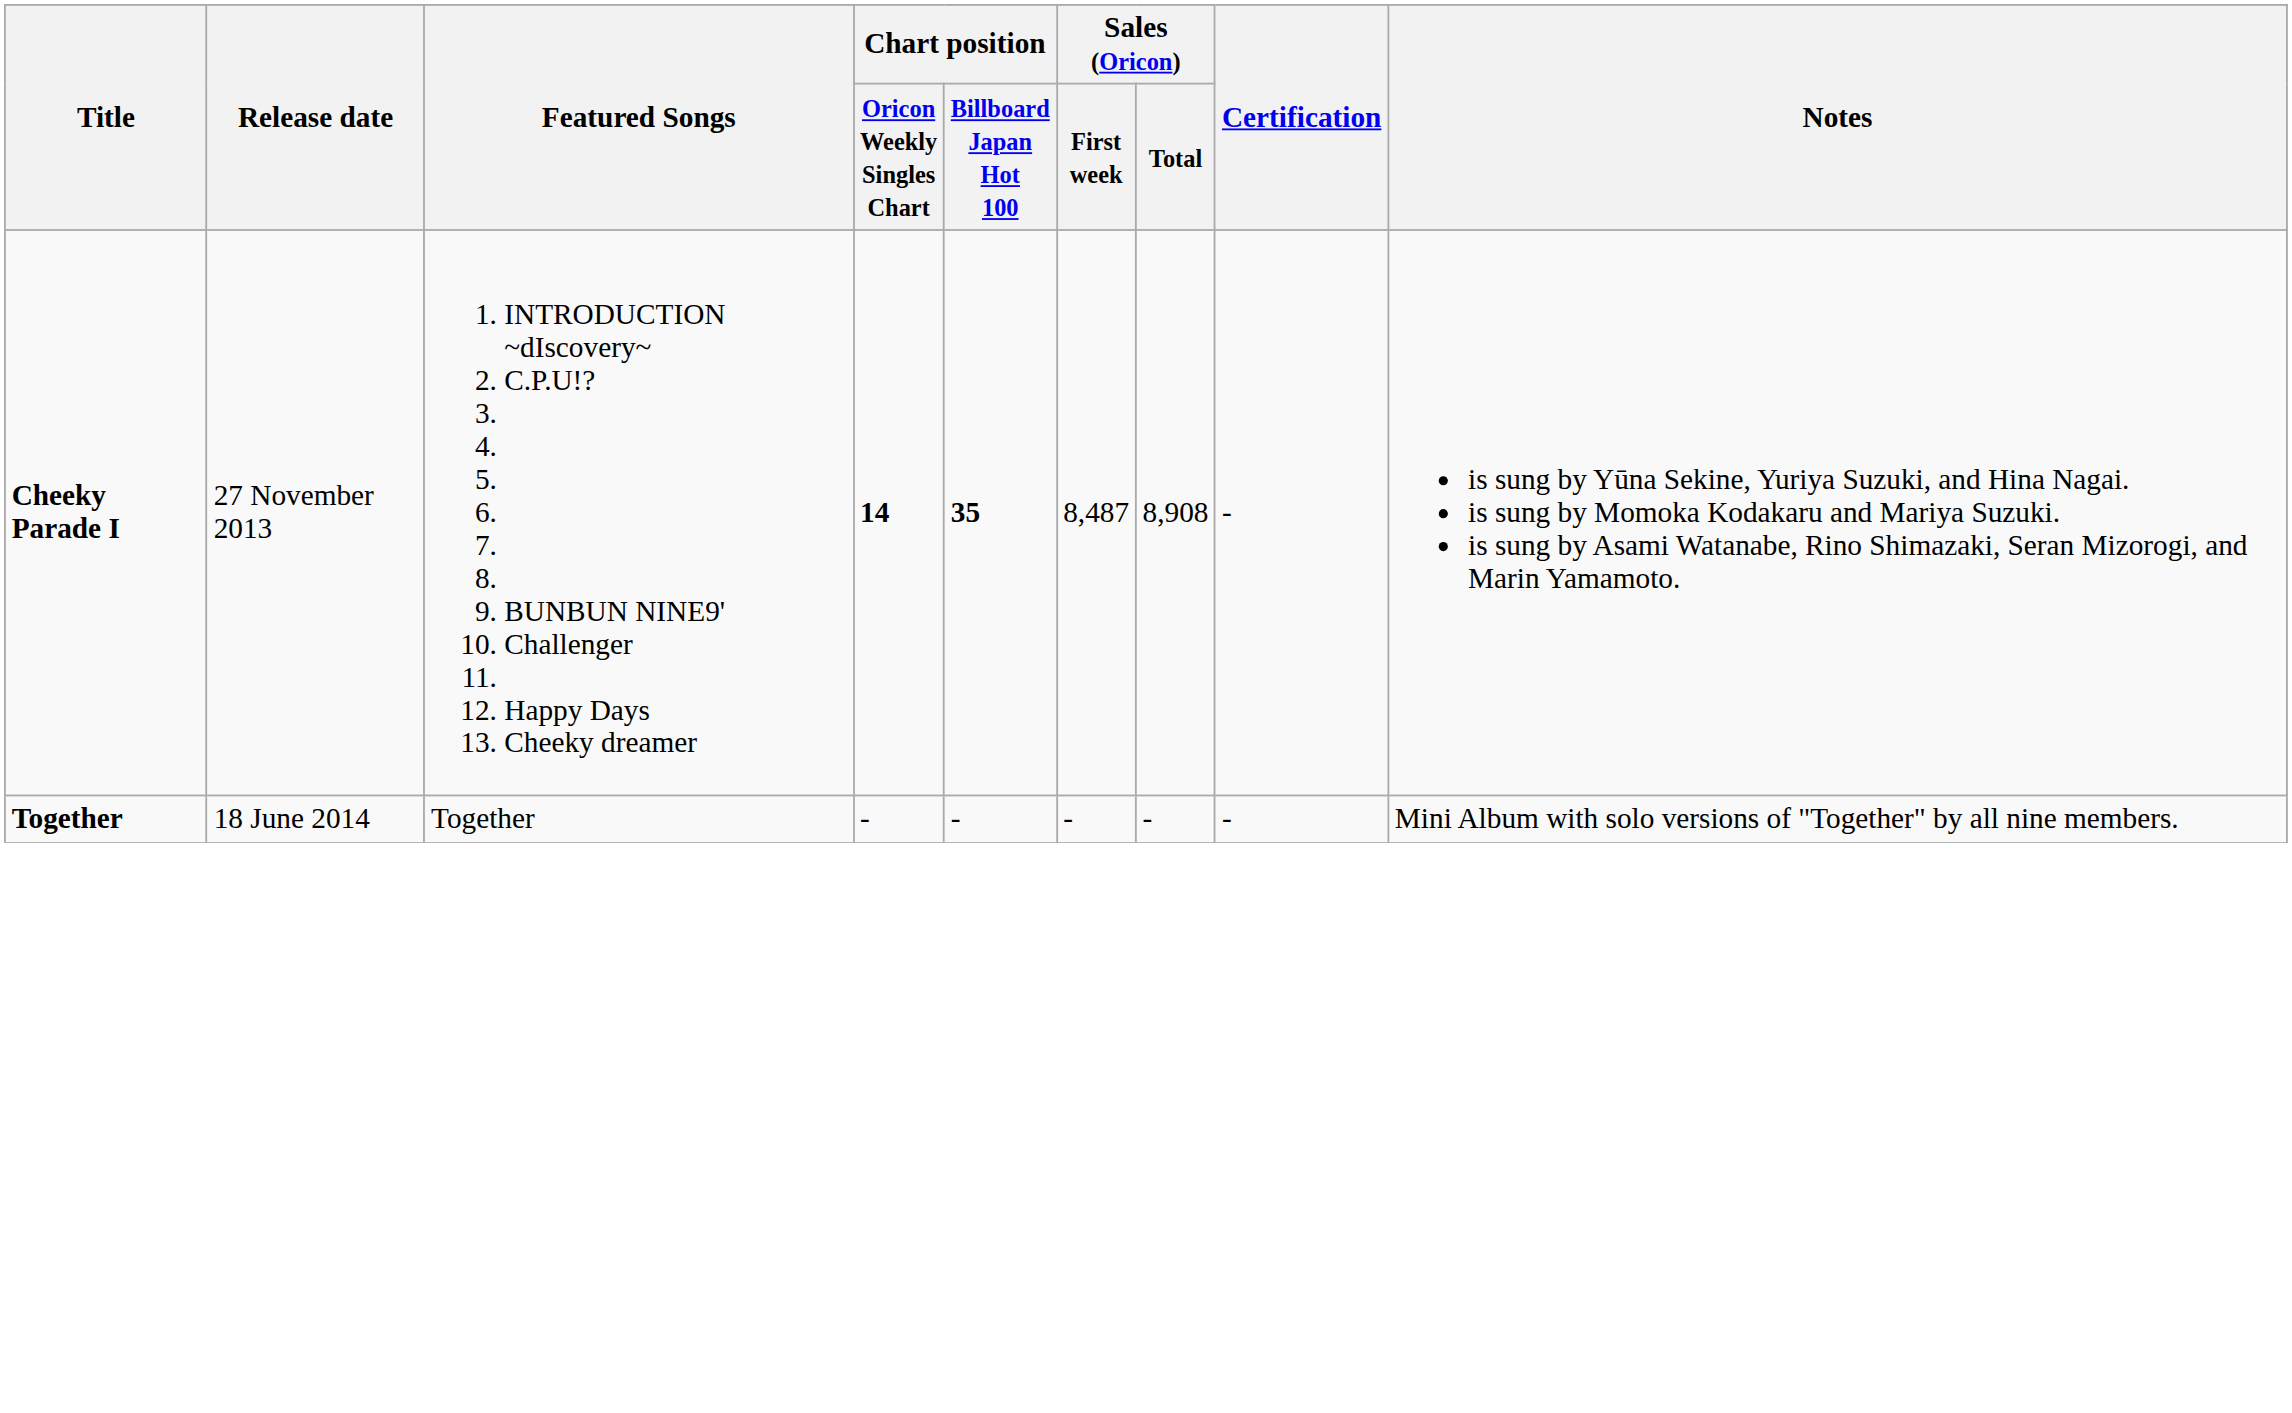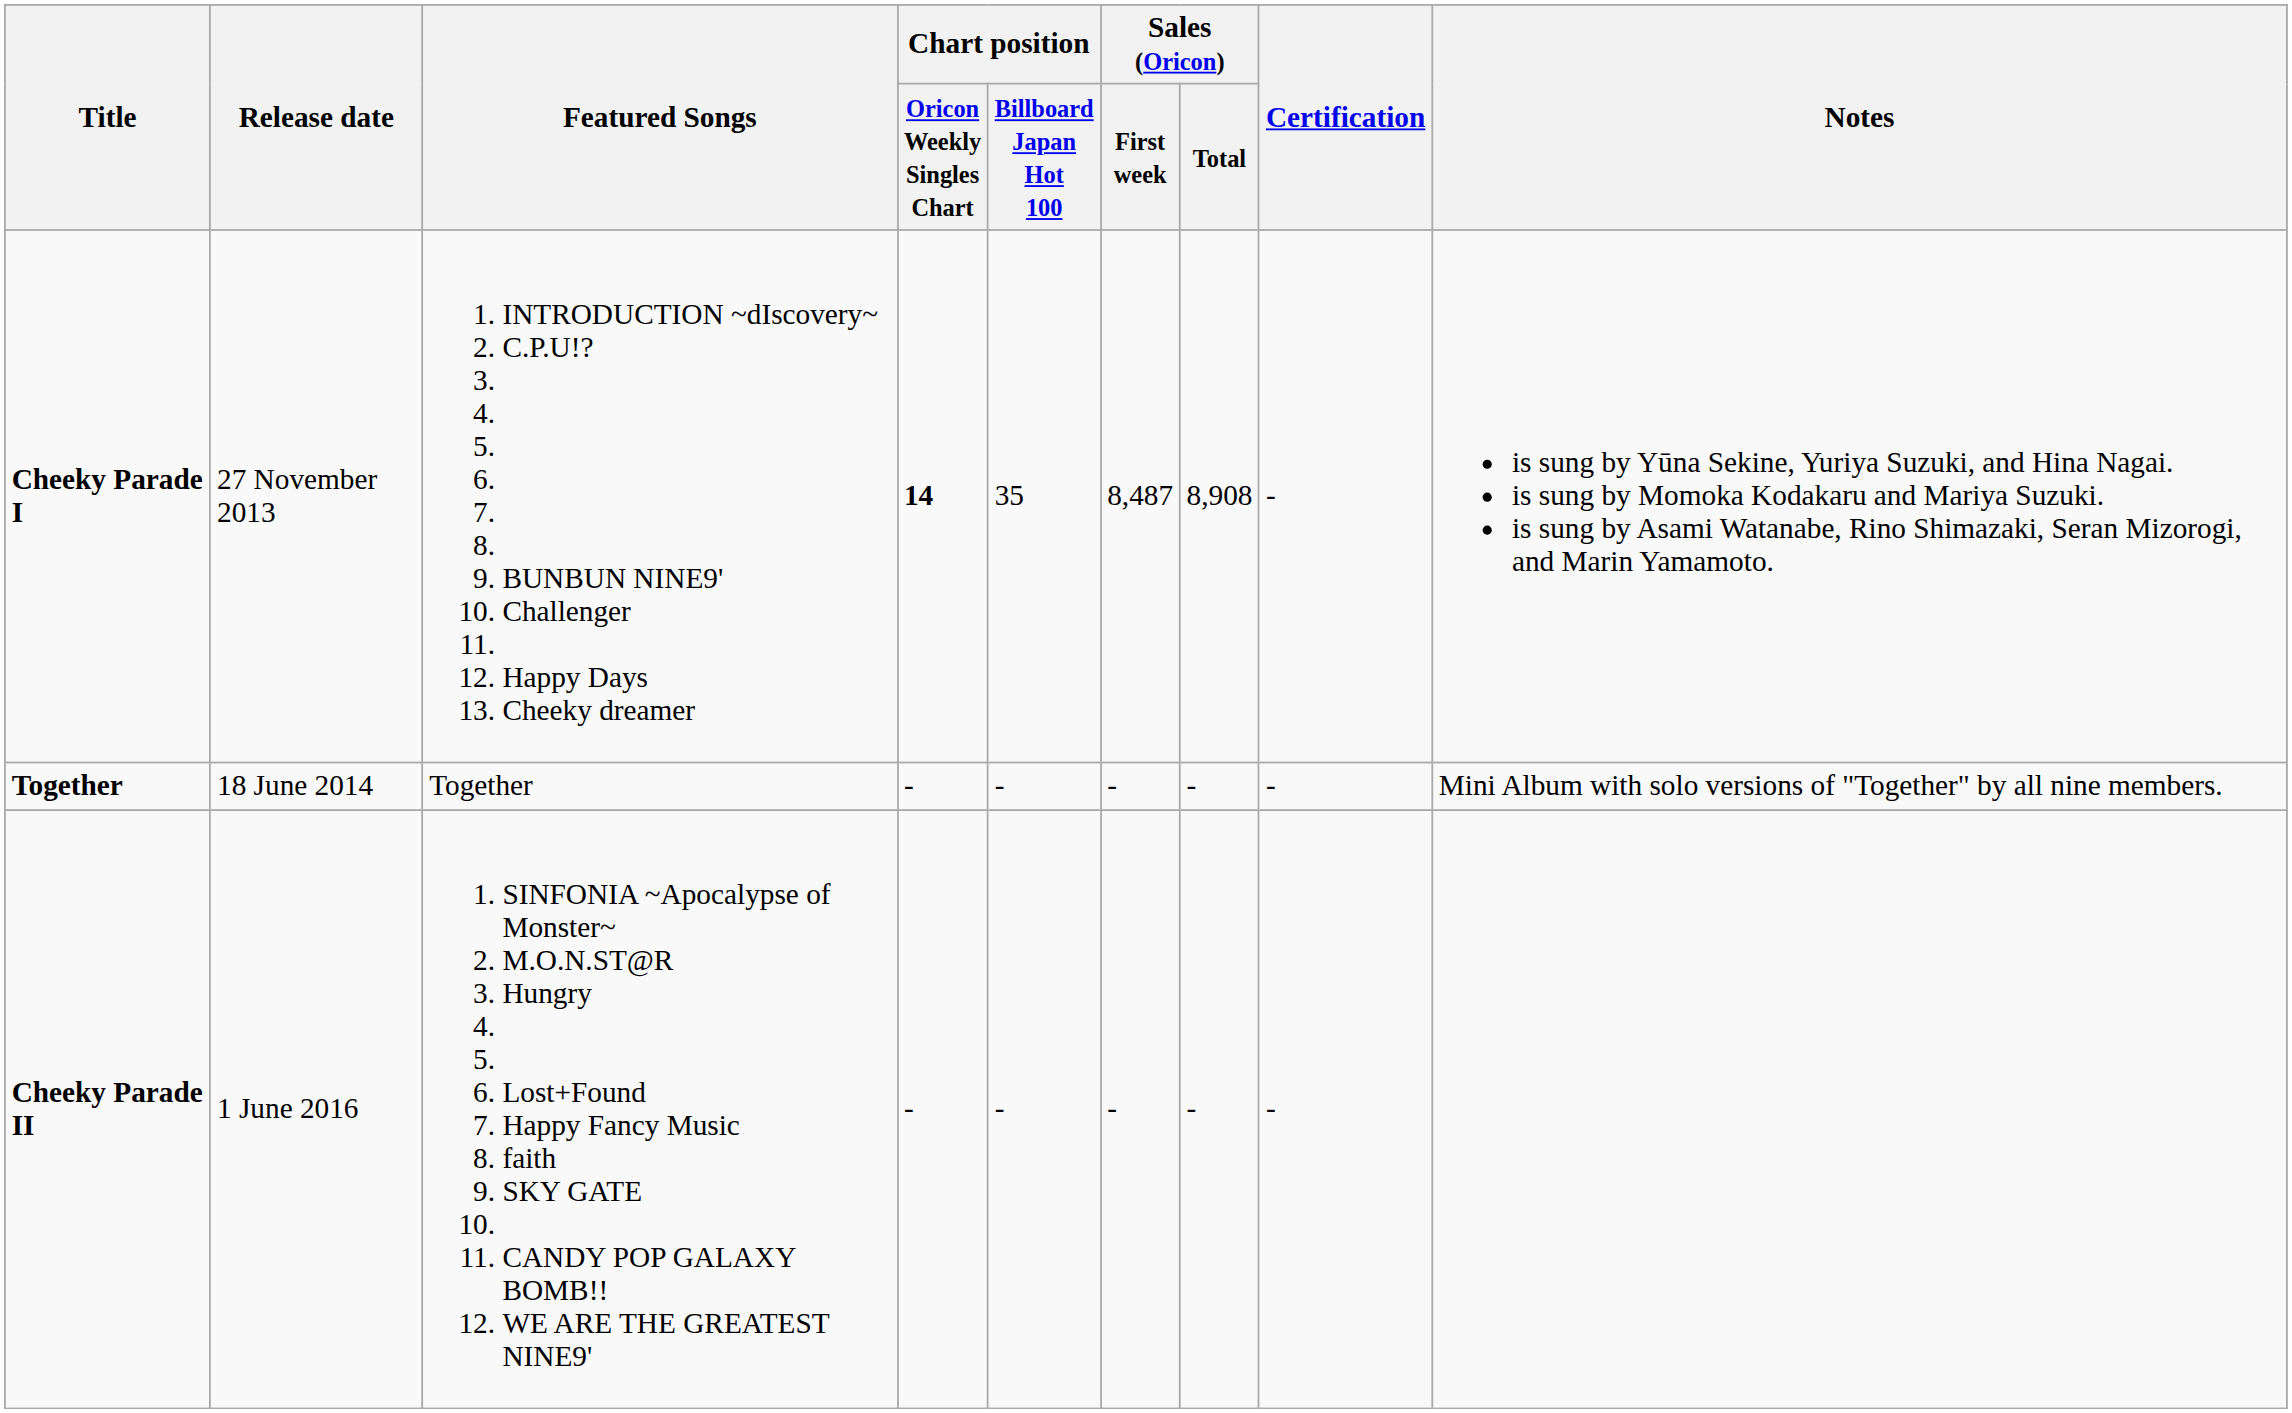 <table class="wikitable">
 <tr>
 <th rowspan="2">Title</th>
 <th rowspan="2">Release date</th>
 <th rowspan="2">Featured Songs</th>
 <th colspan="2">Chart position</th>
 <th colspan="2">Sales<br><small>(<a href='#'>Oricon</a>)</small></th>
 <th rowspan="2"><a href='#'>Certification</a></th>
 <th rowspan="2">Notes</th>
 </tr>
 <tr>
 <th><small><a href='#'>Oricon</a><br>Weekly<br>Singles<br>Chart</small></th>
 <th><small><a href='#'>Billboard<br>Japan</a><br><a href='#'>Hot<br>100</a></small></th>
 <th><small>First<br>week</small></th>
 <th><small>Total</small></th>
 </tr>
 <tr>
 <td><strong>Cheeky Parade I</strong></td>
 <td>27 November 2013</td>
 <td><br><ol><li>INTRODUCTION ~dIscovery~</li><li>C.P.U!?</li><li></li><li></li><li></li><li></li><li></li><li></li><li>BUNBUN NINE9'</li><li>Challenger</li><li></li><li>Happy Days</li><li>Cheeky dreamer</li></ol></td>
 <td><strong>14</strong></td>
-<td><strong>35</strong></td>
+<td>35</td>
 <td>8,487</td>
 <td>8,908</td>
 <td>-</td>
 <td><br><ul><li> is sung by Yūna Sekine, Yuriya Suzuki, and Hina Nagai.</li><li> is sung by Momoka Kodakaru and Mariya Suzuki.</li><li> is sung by Asami Watanabe, Rino Shimazaki, Seran Mizorogi, and Marin Yamamoto.</li></ul></td>
 </tr>
 <tr>
 <td><strong>Together</strong></td>
 <td>18 June 2014</td>
 <td>Together</td>
 <td>-</td>
 <td>-</td>
 <td>-</td>
 <td>-</td>
 <td>-</td>
 <td>Mini Album with solo versions of "Together" by all nine members.</td>
 </tr>
+<tr>
+<td><strong>Cheeky Parade II</strong></td>
+<td>1 June 2016</td>
+<td><br><ol><li>SINFONIA ~Apocalypse of Monster~</li><li>M.O.N.ST@R</li><li>Hungry</li><li></li><li></li><li>Lost+Found</li><li>Happy Fancy Music</li><li>faith</li><li>SKY GATE</li><li></li><li>CANDY POP GALAXY BOMB!!</li><li>WE ARE THE GREATEST NINE9'</li></ol></td>
+<td>-</td>
+<td>-</td>
+<td>-</td>
+<td>-</td>
+<td>-</td>
+<td></td>
+</tr>
 </table>
